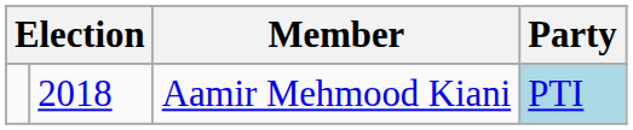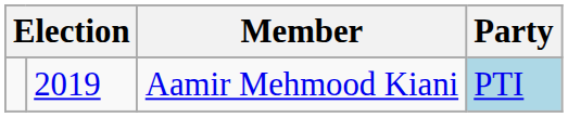 <table class="wikitable">
 <tr>
 <th colspan="2">Election</th>
 <th>Member</th>
 <th>Party</th>
 </tr>
 <tr>
 <td style="background-color: "></td>
-<td><a href='#'>2018</a></td>
+<td><a href='#'>2019</a></td>
 <td><a href='#'>Aamir Mehmood Kiani</a></td>
 <td style="background: lightblue;"><a href='#'>PTI</a></td>
 </tr>
 </table>
